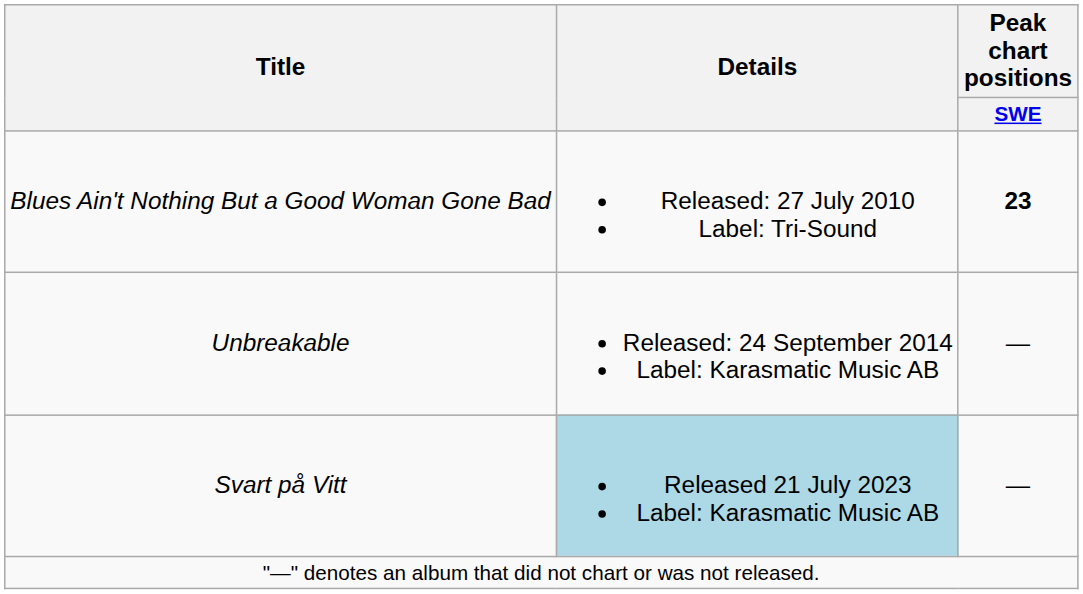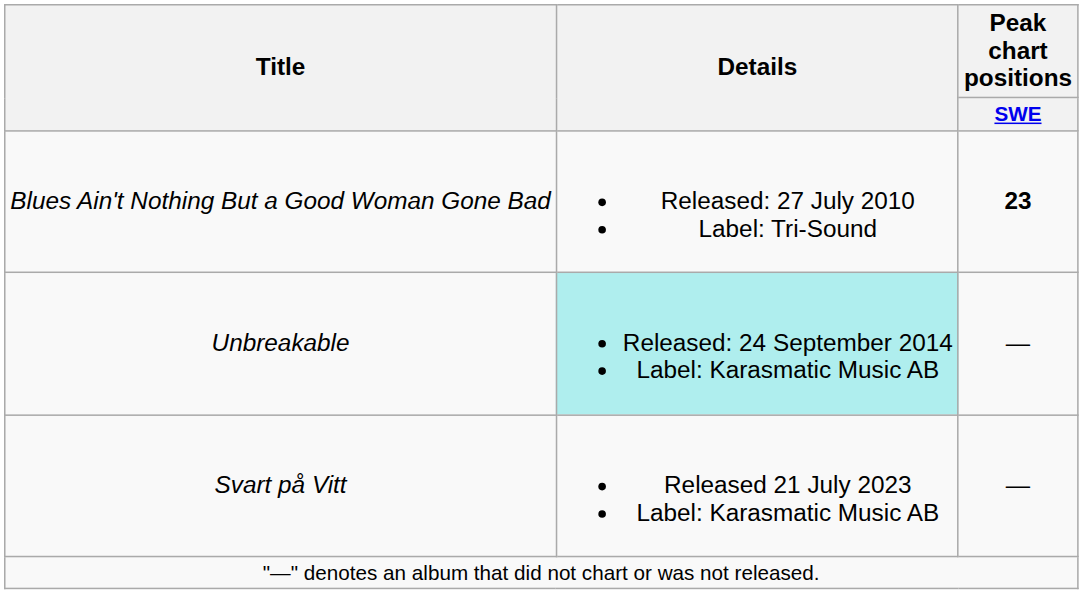 <table class="wikitable plainrowheaders" style="text-align:center;">
 <tr>
 <th scope="col" rowspan="2">Title</th>
 <th scope="col" rowspan="2">Details</th>
 <th scope="col">Peak chart positions</th>
 </tr>
 <tr>
 <th scope="col" style="width:3em;font-size:85%;"><a href='#'>SWE</a></th>
 </tr>
 <tr>
 <td scope="row"><em>Blues Ain't Nothing But a Good Woman Gone Bad</em></td>
 <td><br><ul><li>Released: 27 July 2010</li><li>Label: Tri-Sound</li></ul></td>
 <td><strong>23</strong></td>
 </tr>
 <tr>
 <td scope="row"><em>Unbreakable</em></td>
-<td><br><ul><li>Released: 24 September 2014</li><li>Label: Karasmatic Music AB</li></ul></td>
+<td style="background: paleturquoise;"><br><ul><li>Released: 24 September 2014</li><li>Label: Karasmatic Music AB</li></ul></td>
 <td>—</td>
 </tr>
 <tr>
 <td><em>Svart på Vitt</em></td>
-<td style="background: lightblue;"><br><ul><li>Released 21 July 2023</li><li>Label: Karasmatic Music AB</li></ul></td>
+<td><br><ul><li>Released 21 July 2023</li><li>Label: Karasmatic Music AB</li></ul></td>
 <td>—</td>
 </tr>
 <tr>
 <td colspan="20" style="text-align:center; font-size:85%;">"—" denotes an album that did not chart or was not released.</td>
 </tr>
 </table>
